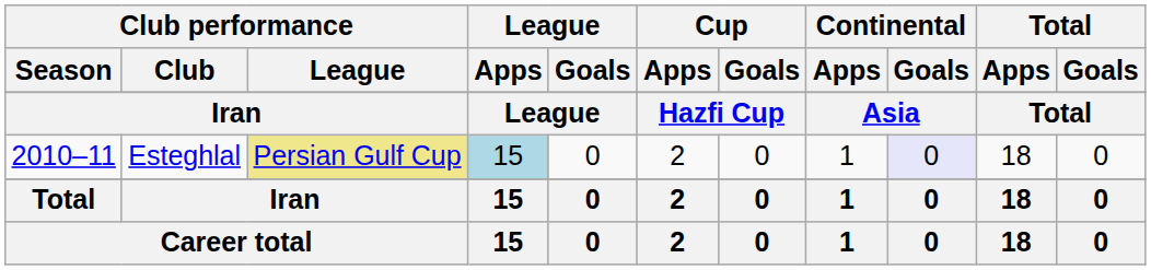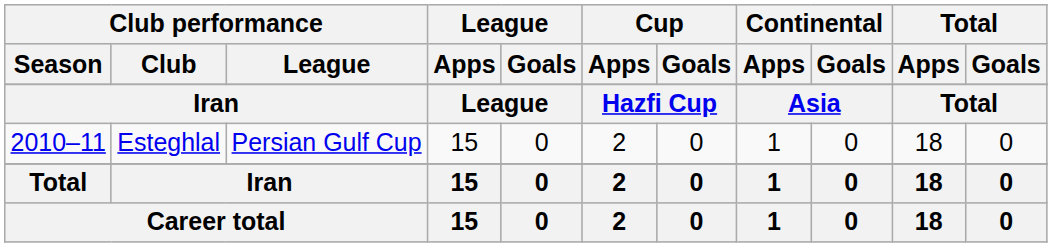 <table class="wikitable" style="text-align:center">
 <tr>
 <th colspan=3>Club performance</th>
 <th colspan=2>League</th>
 <th colspan=2>Cup</th>
 <th colspan=2>Continental</th>
 <th colspan=2>Total</th>
 </tr>
 <tr>
 <th>Season</th>
 <th>Club</th>
 <th>League</th>
 <th>Apps</th>
 <th>Goals</th>
 <th>Apps</th>
 <th>Goals</th>
 <th>Apps</th>
 <th>Goals</th>
 <th>Apps</th>
 <th>Goals</th>
 </tr>
 <tr>
 </tr>
 <tr>
 <th colspan=3>Iran</th>
 <th colspan=2>League</th>
 <th colspan=2><a href='#'>Hazfi Cup</a></th>
 <th colspan=2><a href='#'>Asia</a></th>
 <th colspan=2>Total</th>
 </tr>
 <tr>
 <td><a href='#'>2010–11</a></td>
 <td rowspan="1"><a href='#'>Esteghlal</a></td>
-<td rowspan="1" style="background: khaki;"><a href='#'>Persian Gulf Cup</a></td>
-<td style="background: lightblue;">15</td>
+<td rowspan="1"><a href='#'>Persian Gulf Cup</a></td>
+<td>15</td>
 <td>0</td>
 <td>2</td>
 <td>0</td>
 <td>1</td>
-<td style="background: lavender;">0</td>
+<td>0</td>
 <td>18</td>
 <td>0</td>
 </tr>
 <tr>
 </tr>
 <tr>
 <th rowspan=1>Total</th>
 <th colspan=2>Iran</th>
 <th>15</th>
 <th>0</th>
 <th>2</th>
 <th>0</th>
 <th>1</th>
 <th>0</th>
 <th>18</th>
 <th>0</th>
 </tr>
 <tr>
 <th colspan=3>Career total</th>
 <th>15</th>
 <th>0</th>
 <th>2</th>
 <th>0</th>
 <th>1</th>
 <th>0</th>
 <th>18</th>
 <th>0</th>
 </tr>
 </table>
